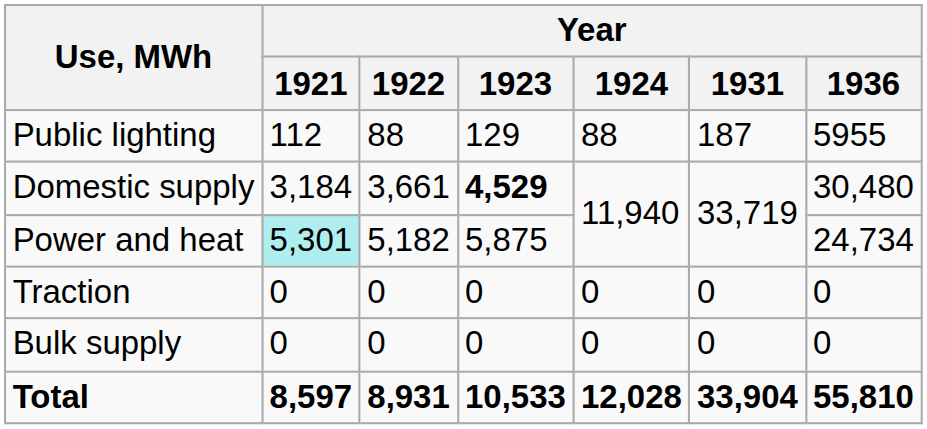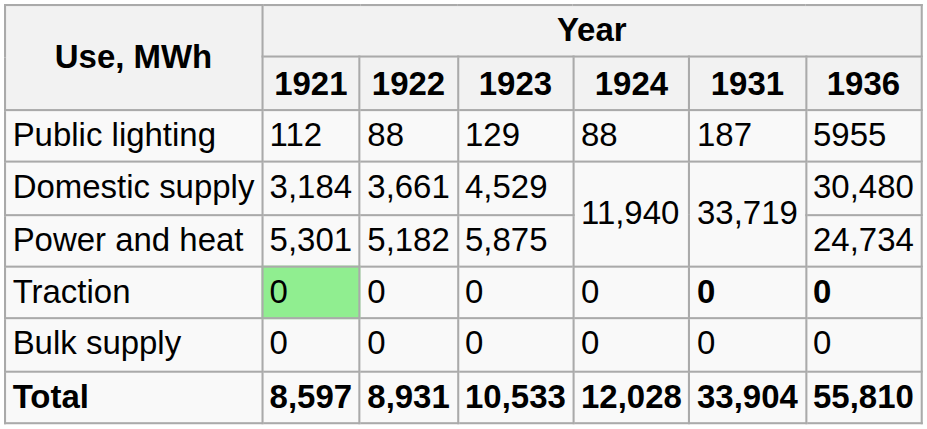 <table class="wikitable">
 <tr>
 <th rowspan="2">Use, MWh</th>
 <th colspan="6">Year</th>
 </tr>
 <tr>
 <th>1921</th>
 <th>1922</th>
 <th>1923</th>
 <th>1924</th>
 <th>1931</th>
 <th>1936</th>
 </tr>
 <tr>
 <td>Public lighting</td>
 <td>112</td>
 <td>88</td>
 <td>129</td>
 <td>88</td>
 <td>187</td>
 <td>5955</td>
 </tr>
 <tr>
 <td>Domestic supply</td>
 <td>3,184</td>
 <td>3,661</td>
-<td><strong>4,529</strong></td>
+<td>4,529</td>
 <td rowspan="2">11,940</td>
 <td rowspan="2">33,719</td>
 <td>30,480</td>
 </tr>
 <tr>
 <td>Power and heat</td>
-<td style="background: paleturquoise;">5,301</td>
+<td>5,301</td>
 <td>5,182</td>
 <td>5,875</td>
 <td>24,734</td>
 </tr>
 <tr>
 <td>Traction</td>
+<td style="background: lightgreen;">0</td>
 <td>0</td>
 <td>0</td>
 <td>0</td>
-<td>0</td>
-<td>0</td>
-<td>0</td>
+<td><strong>0</strong></td>
+<td><strong>0</strong></td>
 </tr>
 <tr>
 <td>Bulk supply</td>
 <td>0</td>
 <td>0</td>
 <td>0</td>
 <td>0</td>
 <td>0</td>
 <td>0</td>
 </tr>
 <tr>
 <td><strong>Total</strong></td>
 <td><strong>8,597</strong></td>
 <td><strong>8,931</strong></td>
 <td><strong>10,533</strong></td>
 <td><strong>12,028</strong></td>
 <td><strong>33,904</strong></td>
 <td><strong>55,810</strong></td>
 </tr>
 </table>
